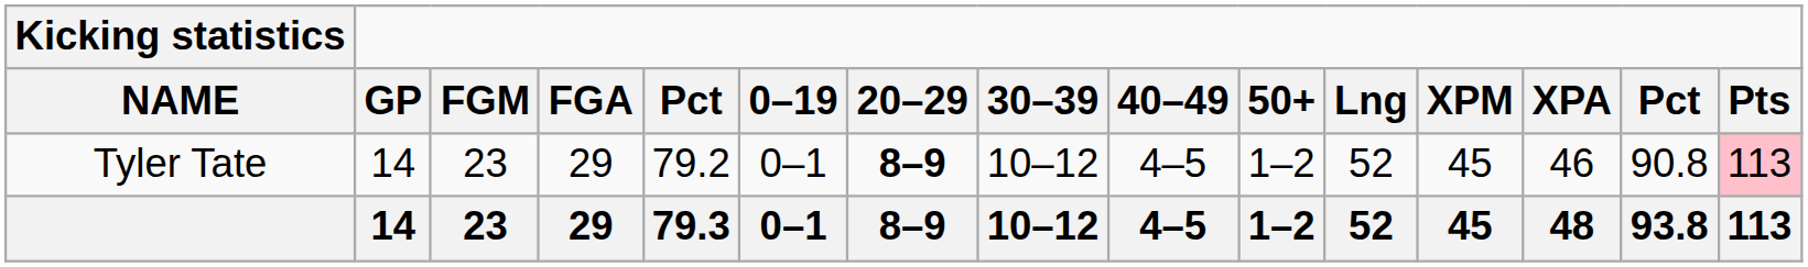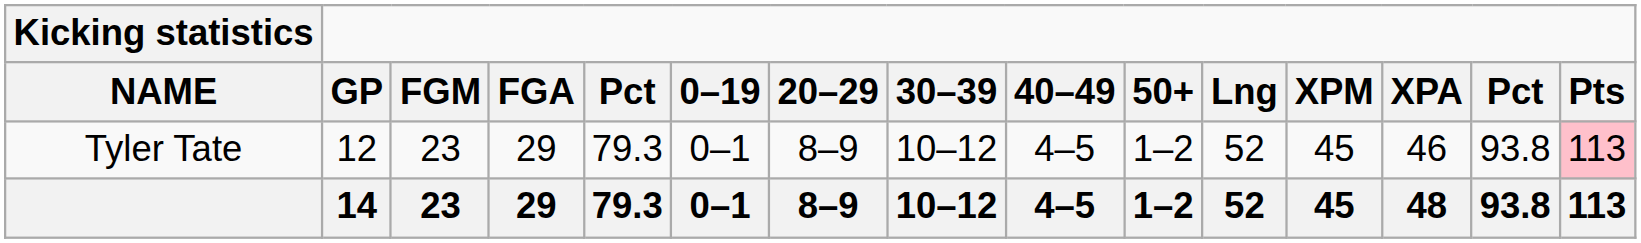 <table class="wikitable" style="text-align:center;">
 <tr>
 <th style="text-align:center; ">Kicking statistics</th>
 </tr>
 <tr>
 <th>NAME</th>
 <th>GP</th>
 <th>FGM</th>
 <th>FGA</th>
 <th>Pct</th>
 <th>0–19</th>
 <th>20–29</th>
 <th>30–39</th>
 <th>40–49</th>
 <th>50+</th>
 <th>Lng</th>
 <th>XPM</th>
 <th>XPA</th>
 <th>Pct</th>
 <th>Pts</th>
 </tr>
 <tr>
 <td>Tyler Tate</td>
-<td>14</td>
+<td>12</td>
 <td>23</td>
 <td>29</td>
-<td>79.2</td>
+<td>79.3</td>
 <td>0–1</td>
-<td><strong>8–9</strong></td>
+<td>8–9</td>
 <td>10–12</td>
 <td>4–5</td>
 <td>1–2</td>
 <td>52</td>
 <td>45</td>
 <td>46</td>
-<td>90.8</td>
+<td>93.8</td>
 <td style="background: pink;">113</td>
 </tr>
 <tr>
 <th colspan="1"></th>
 <th>14</th>
 <th>23</th>
 <th>29</th>
 <th>79.3</th>
 <th>0–1</th>
 <th>8–9</th>
 <th>10–12</th>
 <th>4–5</th>
 <th>1–2</th>
 <th>52</th>
 <th>45</th>
 <th>48</th>
 <th>93.8</th>
 <th>113</th>
 </tr>
 </table>
